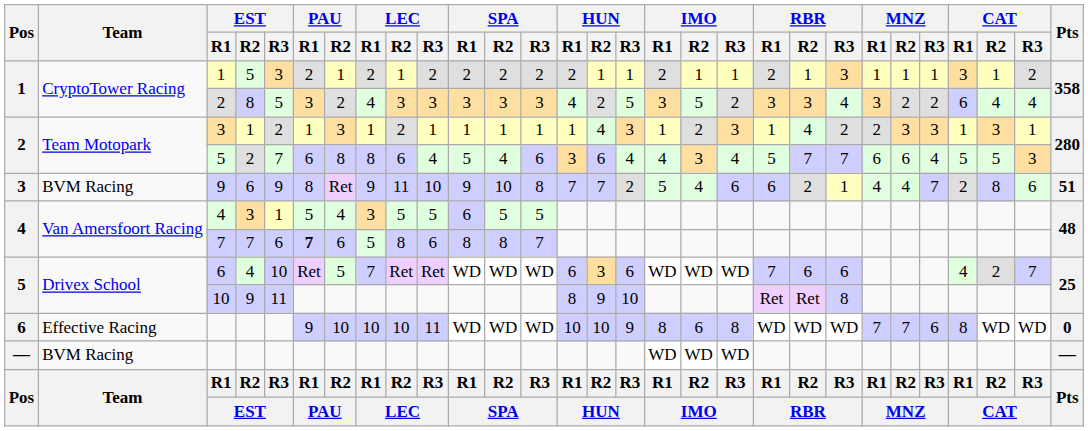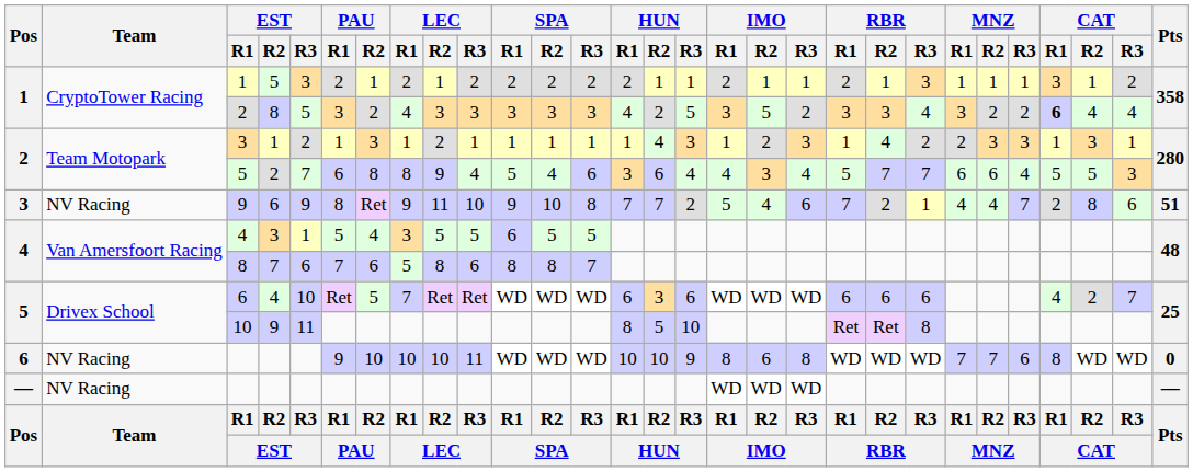 <table class="wikitable" style="font-size: 85%; text-align:center">
 <tr>
 <th rowspan="2" valign="middle">Pos</th>
 <th rowspan="2" valign="middle">Team</th>
 <th colspan="3"><a href='#'>EST</a><br></th>
 <th colspan="2"><a href='#'>PAU</a><br></th>
 <th colspan="3"><a href='#'>LEC</a><br></th>
 <th colspan="3"><a href='#'>SPA</a><br></th>
 <th colspan="3"><a href='#'>HUN</a><br></th>
 <th colspan="3"><a href='#'>IMO</a><br></th>
 <th colspan="3"><a href='#'>RBR</a><br></th>
 <th colspan="3"><a href='#'>MNZ</a><br></th>
 <th colspan="3"><a href='#'>CAT</a><br></th>
 <th rowspan="2" valign="middle">Pts</th>
 </tr>
 <tr>
 <th>R1</th>
 <th>R2</th>
 <th>R3</th>
 <th>R1</th>
 <th>R2</th>
 <th>R1</th>
 <th>R2</th>
 <th>R3</th>
 <th>R1</th>
 <th>R2</th>
 <th>R3</th>
 <th>R1</th>
 <th>R2</th>
 <th>R3</th>
 <th>R1</th>
 <th>R2</th>
 <th>R3</th>
 <th>R1</th>
 <th>R2</th>
 <th>R3</th>
 <th>R1</th>
 <th>R2</th>
 <th>R3</th>
 <th>R1</th>
 <th>R2</th>
 <th>R3</th>
 </tr>
 <tr>
 <th rowspan="2">1</th>
 <td align="left" rowspan="2"> <a href='#'>CryptoTower Racing</a></td>
 <td style="background:#FFFFBF;">1</td>
 <td style="background:#DFFFDF;">5</td>
 <td style="background:#FFDF9F;">3</td>
 <td style="background:#DFDFDF;">2</td>
 <td style="background:#FFFFBF;">1</td>
 <td style="background:#DFDFDF;">2</td>
 <td style="background:#FFFFBF;">1</td>
 <td style="background:#DFDFDF;">2</td>
 <td style="background:#DFDFDF;">2</td>
 <td style="background:#DFDFDF;">2</td>
 <td style="background:#DFDFDF;">2</td>
 <td style="background:#DFDFDF;">2</td>
 <td style="background:#FFFFBF;">1</td>
 <td style="background:#FFFFBF;">1</td>
 <td style="background:#DFDFDF;">2</td>
 <td style="background:#FFFFBF;">1</td>
 <td style="background:#FFFFBF;">1</td>
 <td style="background:#DFDFDF;">2</td>
 <td style="background:#FFFFBF;">1</td>
 <td style="background:#FFDF9F;">3</td>
 <td style="background:#FFFFBF;">1</td>
 <td style="background:#FFFFBF;">1</td>
 <td style="background:#FFFFBF;">1</td>
 <td style="background:#FFDF9F;">3</td>
 <td style="background:#FFFFBF;">1</td>
 <td style="background:#DFDFDF;">2</td>
 <th rowspan="2">358</th>
 </tr>
 <tr>
 <td style="background:#DFDFDF;">2</td>
 <td style="background:#CFCFFF;">8</td>
 <td style="background:#DFFFDF;">5</td>
 <td style="background:#FFDF9F;">3</td>
 <td style="background:#DFDFDF;">2</td>
 <td style="background:#DFFFDF;">4</td>
 <td style="background:#FFDF9F;">3</td>
 <td style="background:#FFDF9F;">3</td>
 <td style="background:#FFDF9F;">3</td>
 <td style="background:#FFDF9F;">3</td>
 <td style="background:#FFDF9F;">3</td>
 <td style="background:#DFFFDF;">4</td>
 <td style="background:#DFDFDF;">2</td>
 <td style="background:#DFFFDF;">5</td>
 <td style="background:#FFDF9F;">3</td>
 <td style="background:#DFFFDF;">5</td>
 <td style="background:#DFDFDF;">2</td>
 <td style="background:#FFDF9F;">3</td>
 <td style="background:#FFDF9F;">3</td>
 <td style="background:#DFFFDF;">4</td>
 <td style="background:#FFDF9F;">3</td>
 <td style="background:#DFDFDF;">2</td>
 <td style="background:#DFDFDF;">2</td>
-<td style="background:#CFCFFF;">6</td>
+<td style="background:#CFCFFF;"><strong>6</strong></td>
 <td style="background:#DFFFDF;">4</td>
 <td style="background:#DFFFDF;">4</td>
 </tr>
 <tr>
 <th rowspan="2">2</th>
 <td align="left" rowspan="2"> <a href='#'>Team Motopark</a></td>
 <td style="background:#FFDF9F;">3</td>
 <td style="background:#FFFFBF;">1</td>
 <td style="background:#DFDFDF;">2</td>
 <td style="background:#FFFFBF;">1</td>
 <td style="background:#FFDF9F;">3</td>
 <td style="background:#FFFFBF;">1</td>
 <td style="background:#DFDFDF;">2</td>
 <td style="background:#FFFFBF;">1</td>
 <td style="background:#FFFFBF;">1</td>
 <td style="background:#FFFFBF;">1</td>
 <td style="background:#FFFFBF;">1</td>
 <td style="background:#FFFFBF;">1</td>
 <td style="background:#DFFFDF;">4</td>
 <td style="background:#FFDF9F;">3</td>
 <td style="background:#FFFFBF;">1</td>
 <td style="background:#DFDFDF;">2</td>
 <td style="background:#FFDF9F;">3</td>
 <td style="background:#FFFFBF;">1</td>
 <td style="background:#DFFFDF;">4</td>
 <td style="background:#DFDFDF;">2</td>
 <td style="background:#DFDFDF;">2</td>
 <td style="background:#FFDF9F;">3</td>
 <td style="background:#FFDF9F;">3</td>
 <td style="background:#FFFFBF;">1</td>
 <td style="background:#FFDF9F;">3</td>
 <td style="background:#FFFFBF;">1</td>
 <th rowspan="2">280</th>
 </tr>
 <tr>
 <td style="background:#DFFFDF;">5</td>
 <td style="background:#DFDFDF;">2</td>
 <td style="background:#DFFFDF;">7</td>
 <td style="background:#CFCFFF;">6</td>
 <td style="background:#CFCFFF;">8</td>
 <td style="background:#CFCFFF;">8</td>
-<td style="background:#CFCFFF;">6</td>
+<td style="background:#CFCFFF;">9</td>
 <td style="background:#DFFFDF;">4</td>
 <td style="background:#DFFFDF;">5</td>
 <td style="background:#DFFFDF;">4</td>
 <td style="background:#CFCFFF;">6</td>
 <td style="background:#FFDF9F;">3</td>
 <td style="background:#CFCFFF;">6</td>
 <td style="background:#DFFFDF;">4</td>
 <td style="background:#DFFFDF;">4</td>
 <td style="background:#FFDF9F;">3</td>
 <td style="background:#DFFFDF;">4</td>
 <td style="background:#DFFFDF;">5</td>
 <td style="background:#CFCFFF;">7</td>
 <td style="background:#CFCFFF;">7</td>
 <td style="background:#DFFFDF;">6</td>
 <td style="background:#DFFFDF;">6</td>
 <td style="background:#DFFFDF;">4</td>
 <td style="background:#DFFFDF;">5</td>
 <td style="background:#DFFFDF;">5</td>
 <td style="background:#FFDF9F;">3</td>
 </tr>
 <tr>
 <th>3</th>
-<td align="left"> BVM Racing</td>
+<td align="left"> NV Racing</td>
 <td style="background:#CFCFFF;">9</td>
 <td style="background:#CFCFFF;">6</td>
 <td style="background:#CFCFFF;">9</td>
 <td style="background:#CFCFFF;">8</td>
 <td style="background:#EFCFFF;">Ret</td>
 <td style="background:#CFCFFF;">9</td>
 <td style="background:#CFCFFF;">11</td>
 <td style="background:#CFCFFF;">10</td>
 <td style="background:#CFCFFF;">9</td>
 <td style="background:#CFCFFF;">10</td>
 <td style="background:#CFCFFF;">8</td>
 <td style="background:#CFCFFF;">7</td>
 <td style="background:#CFCFFF;">7</td>
 <td style="background:#DFDFDF;">2</td>
 <td style="background:#DFFFDF;">5</td>
 <td style="background:#DFFFDF;">4</td>
 <td style="background:#CFCFFF;">6</td>
-<td style="background:#CFCFFF;">6</td>
+<td style="background:#CFCFFF;">7</td>
 <td style="background:#DFDFDF;">2</td>
 <td style="background:#FFFFBF;">1</td>
 <td style="background:#DFFFDF;">4</td>
 <td style="background:#DFFFDF;">4</td>
 <td style="background:#CFCFFF;">7</td>
 <td style="background:#DFDFDF;">2</td>
 <td style="background:#CFCFFF;">8</td>
 <td style="background:#DFFFDF;">6</td>
 <th>51</th>
 </tr>
 <tr>
 <th rowspan="2">4</th>
 <td align="left" rowspan="2" nowrap> <a href='#'>Van Amersfoort Racing</a></td>
 <td style="background:#DFFFDF;">4</td>
 <td style="background:#FFDF9F;">3</td>
 <td style="background:#FFFFBF;">1</td>
 <td style="background:#DFFFDF;">5</td>
 <td style="background:#DFFFDF;">4</td>
 <td style="background:#FFDF9F;">3</td>
 <td style="background:#DFFFDF;">5</td>
 <td style="background:#DFFFDF;">5</td>
 <td style="background:#CFCFFF;">6</td>
 <td style="background:#DFFFDF;">5</td>
 <td style="background:#DFFFDF;">5</td>
 <td></td>
 <td></td>
 <td></td>
 <td></td>
 <td></td>
 <td></td>
 <td></td>
 <td></td>
 <td></td>
 <td></td>
 <td></td>
 <td></td>
 <td></td>
 <td></td>
 <td></td>
 <th rowspan="2">48</th>
 </tr>
 <tr>
-<td style="background:#CFCFFF;">7</td>
+<td style="background:#CFCFFF;">8</td>
 <td style="background:#CFCFFF;">7</td>
 <td style="background:#CFCFFF;">6</td>
-<td style="background:#CFCFFF;"><strong>7</strong></td>
+<td style="background:#CFCFFF;">7</td>
 <td style="background:#CFCFFF;">6</td>
 <td style="background:#DFFFDF;">5</td>
 <td style="background:#CFCFFF;">8</td>
 <td style="background:#CFCFFF;">6</td>
 <td style="background:#CFCFFF;">8</td>
 <td style="background:#CFCFFF;">8</td>
 <td style="background:#CFCFFF;">7</td>
 <td></td>
 <td></td>
 <td></td>
 <td></td>
 <td></td>
 <td></td>
 <td></td>
 <td></td>
 <td></td>
 <td></td>
 <td></td>
 <td></td>
 <td></td>
 <td></td>
 <td></td>
 </tr>
 <tr>
 <th rowspan="2">5</th>
 <td rowspan="2" align="left"> <a href='#'>Drivex School</a></td>
 <td style="background:#CFCFFF;">6</td>
 <td style="background:#DFFFDF;">4</td>
 <td style="background:#CFCFFF;">10</td>
 <td style="background:#EFCFFF;">Ret</td>
 <td style="background:#DFFFDF;">5</td>
 <td style="background:#CFCFFF;">7</td>
 <td style="background:#EFCFFF;">Ret</td>
 <td style="background:#EFCFFF;">Ret</td>
 <td style="background:#FFFFFF;">WD</td>
 <td style="background:#FFFFFF;">WD</td>
 <td style="background:#FFFFFF;">WD</td>
 <td style="background:#CFCFFF;">6</td>
 <td style="background:#FFDF9F;">3</td>
 <td style="background:#CFCFFF;">6</td>
 <td style="background:#ffffff">WD</td>
 <td style="background:#ffffff">WD</td>
 <td style="background:#ffffff">WD</td>
-<td style="background:#CFCFFF;">7</td>
+<td style="background:#CFCFFF;">6</td>
 <td style="background:#CFCFFF;">6</td>
 <td style="background:#CFCFFF;">6</td>
 <td></td>
 <td></td>
 <td></td>
 <td style="background:#DFFFDF;">4</td>
 <td style="background:#DFDFDF;">2</td>
 <td style="background:#CFCFFF;">7</td>
 <th rowspan="2">25</th>
 </tr>
 <tr>
 <td style="background:#CFCFFF;">10</td>
 <td style="background:#CFCFFF;">9</td>
 <td style="background:#CFCFFF;">11</td>
 <td></td>
 <td></td>
 <td></td>
 <td></td>
 <td></td>
 <td></td>
 <td></td>
 <td></td>
 <td style="background:#CFCFFF;">8</td>
-<td style="background:#CFCFFF;">9</td>
+<td style="background:#CFCFFF;">5</td>
 <td style="background:#CFCFFF;">10</td>
 <td></td>
 <td></td>
 <td></td>
 <td style="background:#EFCFFF;">Ret</td>
 <td style="background:#EFCFFF;">Ret</td>
 <td style="background:#CFCFFF;">8</td>
 <td></td>
 <td></td>
 <td></td>
 <td></td>
 <td></td>
 <td></td>
 </tr>
 <tr>
 <th>6</th>
-<td align="left"> Effective Racing</td>
+<td align="left"> NV Racing</td>
 <td></td>
 <td></td>
 <td></td>
 <td style="background:#CFCFFF;">9</td>
 <td style="background:#CFCFFF;">10</td>
 <td style="background:#CFCFFF;">10</td>
 <td style="background:#CFCFFF;">10</td>
 <td style="background:#CFCFFF;">11</td>
 <td style="background:#FFFFFF;">WD</td>
 <td style="background:#FFFFFF;">WD</td>
 <td style="background:#FFFFFF;">WD</td>
 <td style="background:#CFCFFF;">10</td>
 <td style="background:#CFCFFF;">10</td>
 <td style="background:#CFCFFF;">9</td>
 <td style="background:#CFCFFF;">8</td>
 <td style="background:#CFCFFF;">6</td>
 <td style="background:#CFCFFF;">8</td>
 <td style="background:#ffffff;">WD</td>
 <td style="background:#ffffff;">WD</td>
 <td style="background:#ffffff;">WD</td>
 <td style="background:#CFCFFF;">7</td>
 <td style="background:#CFCFFF;">7</td>
 <td style="background:#CFCFFF;">6</td>
 <td style="background:#CFCFFF;">8</td>
 <td style="background:#ffffff;">WD</td>
 <td style="background:#ffffff;">WD</td>
 <th>0</th>
 </tr>
 <tr>
 <th>—</th>
-<td align="left"> BVM Racing</td>
+<td align="left"> NV Racing</td>
 <td></td>
 <td></td>
 <td></td>
 <td></td>
 <td></td>
 <td></td>
 <td></td>
 <td></td>
 <td></td>
 <td></td>
 <td></td>
 <td></td>
 <td></td>
 <td></td>
 <td style="background:#ffffff">WD</td>
 <td style="background:#ffffff">WD</td>
 <td style="background:#ffffff">WD</td>
 <td></td>
 <td></td>
 <td></td>
 <td></td>
 <td></td>
 <td></td>
 <td></td>
 <td></td>
 <td></td>
 <th>—</th>
 </tr>
 <tr>
 <th rowspan="2">Pos</th>
 <th rowspan="2">Team</th>
 <th>R1</th>
 <th>R2</th>
 <th>R3</th>
 <th>R1</th>
 <th>R2</th>
 <th>R1</th>
 <th>R2</th>
 <th>R3</th>
 <th>R1</th>
 <th>R2</th>
 <th>R3</th>
 <th>R1</th>
 <th>R2</th>
 <th>R3</th>
 <th>R1</th>
 <th>R2</th>
 <th>R3</th>
 <th>R1</th>
 <th>R2</th>
 <th>R3</th>
 <th>R1</th>
 <th>R2</th>
 <th>R3</th>
 <th>R1</th>
 <th>R2</th>
 <th>R3</th>
 <th rowspan="2">Pts</th>
 </tr>
 <tr>
 <th colspan="3"><a href='#'>EST</a><br></th>
 <th colspan="2"><a href='#'>PAU</a><br></th>
 <th colspan="3"><a href='#'>LEC</a><br></th>
 <th colspan="3"><a href='#'>SPA</a><br></th>
 <th colspan="3"><a href='#'>HUN</a><br></th>
 <th colspan="3"><a href='#'>IMO</a><br></th>
 <th colspan="3"><a href='#'>RBR</a><br></th>
 <th colspan="3"><a href='#'>MNZ</a><br></th>
 <th colspan="3"><a href='#'>CAT</a><br></th>
 </tr>
 </table>
